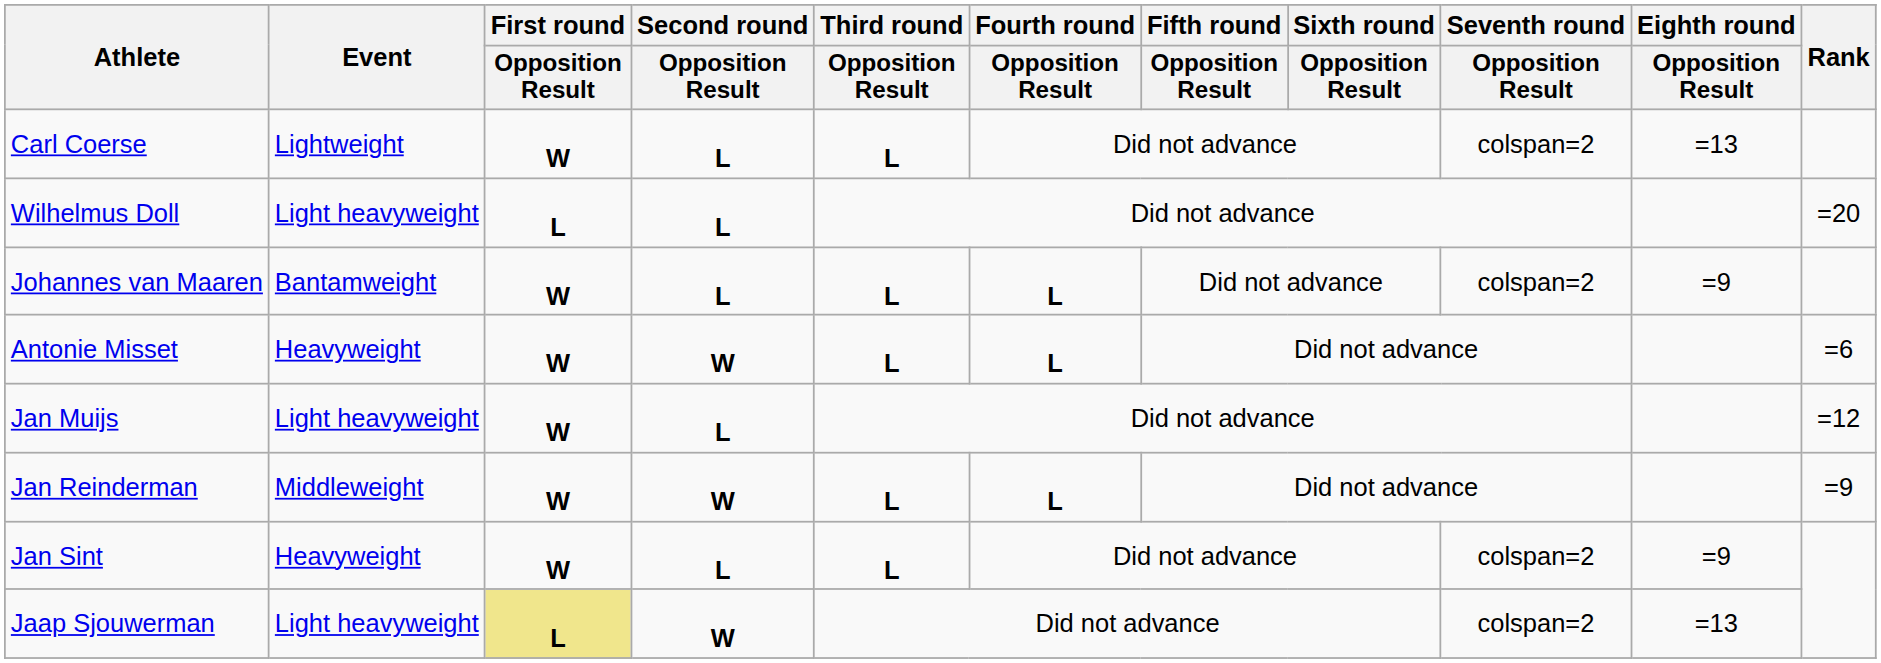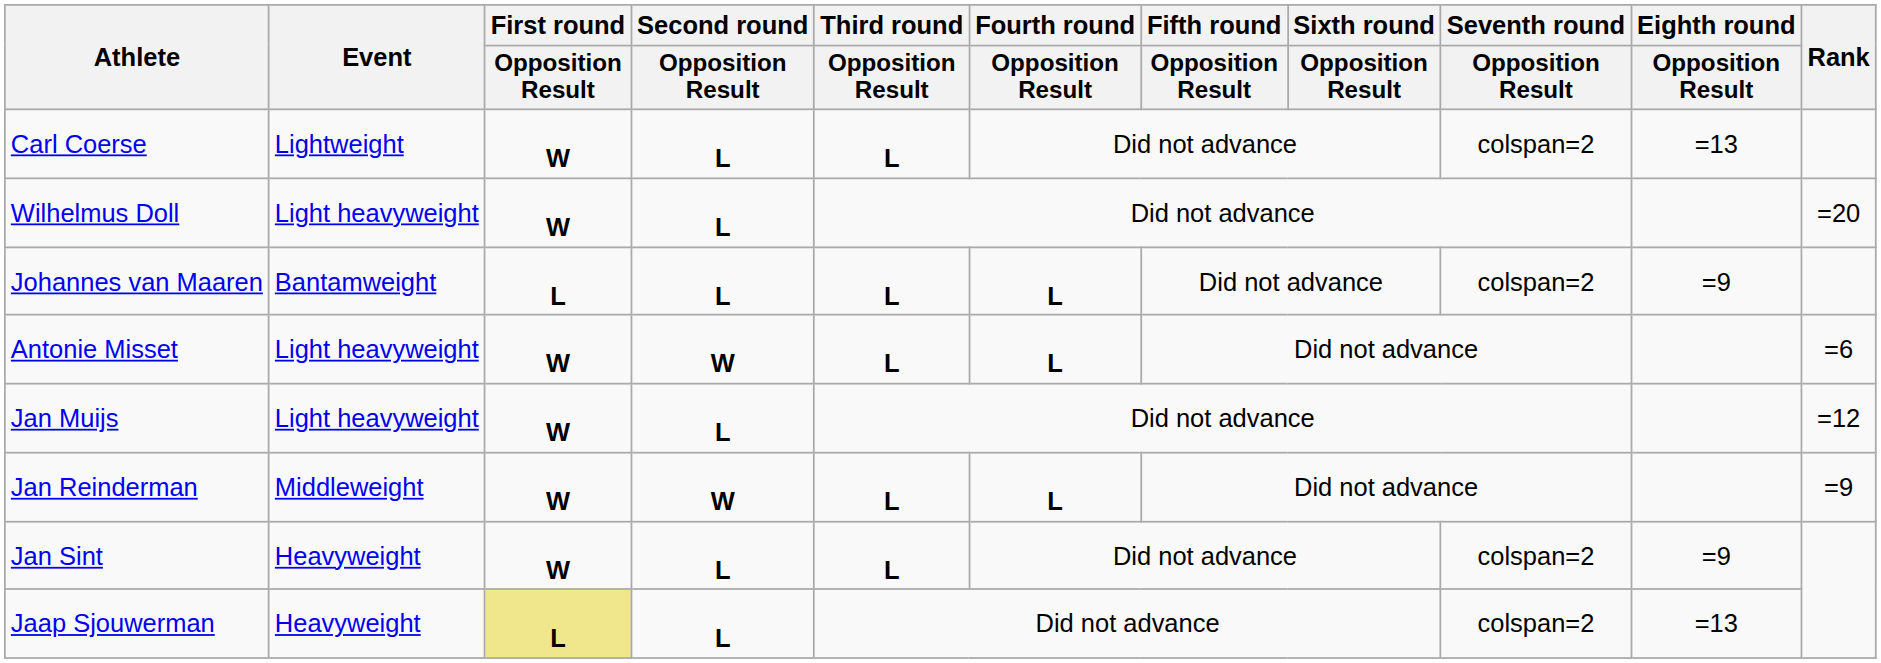 <table class="wikitable" style="font-size:90%;">
 <tr>
 <th rowspan=2>Athlete</th>
 <th rowspan=2>Event</th>
 <th>First round</th>
 <th>Second round</th>
 <th>Third round</th>
 <th>Fourth round</th>
 <th>Fifth round</th>
 <th>Sixth round</th>
 <th>Seventh round</th>
 <th>Eighth round</th>
 <th rowspan=2>Rank</th>
 </tr>
 <tr style="font-size: 95%">
 <th>Opposition<br>Result</th>
 <th>Opposition<br>Result</th>
 <th>Opposition<br>Result</th>
 <th>Opposition<br>Result</th>
 <th>Opposition<br>Result</th>
 <th>Opposition<br>Result</th>
 <th>Opposition<br>Result</th>
 <th>Opposition<br>Result</th>
 </tr>
 <tr align=center>
 <td align=left><a href='#'>Carl Coerse</a></td>
 <td align=left><a href='#'>Lightweight</a></td>
 <td> <br> <strong>W</strong></td>
 <td> <br> <strong>L</strong></td>
 <td> <br> <strong>L</strong></td>
 <td colspan=3>Did not advance</td>
 <td>colspan=2 </td>
 <td>=13</td>
 </tr>
 <tr align=center>
 <td align=left><a href='#'>Wilhelmus Doll</a></td>
 <td align=left><a href='#'>Light heavyweight</a></td>
-<td> <br> <strong>L</strong></td>
+<td> <br> <strong>W</strong></td>
 <td> <br> <strong>L</strong></td>
 <td colspan=5>Did not advance</td>
 <td></td>
 <td>=20</td>
 </tr>
 <tr align=center>
 <td align=left><a href='#'>Johannes van Maaren</a></td>
 <td align=left><a href='#'>Bantamweight</a></td>
-<td> <br> <strong>W</strong></td>
+<td> <br> <strong>L</strong></td>
 <td> <br> <strong>L</strong></td>
 <td> <br> <strong>L</strong></td>
 <td> <br> <strong>L</strong></td>
 <td colspan=2>Did not advance</td>
 <td>colspan=2 </td>
 <td>=9</td>
 </tr>
 <tr align=center>
 <td align=left><a href='#'>Antonie Misset</a></td>
-<td align=left><a href='#'>Heavyweight</a></td>
+<td align=left><a href='#'>Light heavyweight</a></td>
 <td> <br> <strong>W</strong></td>
 <td> <br> <strong>W</strong></td>
 <td> <br> <strong>L</strong></td>
 <td> <br> <strong>L</strong></td>
 <td colspan=3>Did not advance</td>
 <td></td>
 <td>=6</td>
 </tr>
 <tr align=center>
 <td align=left><a href='#'>Jan Muijs</a></td>
 <td align=left><a href='#'>Light heavyweight</a></td>
 <td> <br> <strong>W</strong></td>
 <td> <br> <strong>L</strong></td>
 <td colspan=5>Did not advance</td>
 <td></td>
 <td>=12</td>
 </tr>
 <tr align=center>
 <td align=left><a href='#'>Jan Reinderman</a></td>
 <td align=left><a href='#'>Middleweight</a></td>
 <td> <br> <strong>W</strong></td>
 <td> <br> <strong>W</strong></td>
 <td> <br> <strong>L</strong></td>
 <td> <br> <strong>L</strong></td>
 <td colspan=3>Did not advance</td>
 <td></td>
 <td>=9</td>
 </tr>
 <tr align=center>
 <td align=left><a href='#'>Jan Sint</a></td>
 <td align=left><a href='#'>Heavyweight</a></td>
 <td> <br> <strong>W</strong></td>
 <td> <br> <strong>L</strong></td>
 <td> <br> <strong>L</strong></td>
 <td colspan=3>Did not advance</td>
 <td>colspan=2 </td>
 <td>=9</td>
 </tr>
 <tr align=center>
 <td align=left><a href='#'>Jaap Sjouwerman</a></td>
-<td align=left><a href='#'>Light heavyweight</a></td>
+<td align=left><a href='#'>Heavyweight</a></td>
 <td style="background: khaki;"> <br> <strong>L</strong></td>
-<td> <br> <strong>W</strong></td>
+<td> <br> <strong>L</strong></td>
 <td colspan=4>Did not advance</td>
 <td>colspan=2 </td>
 <td>=13</td>
 </tr>
 </table>
